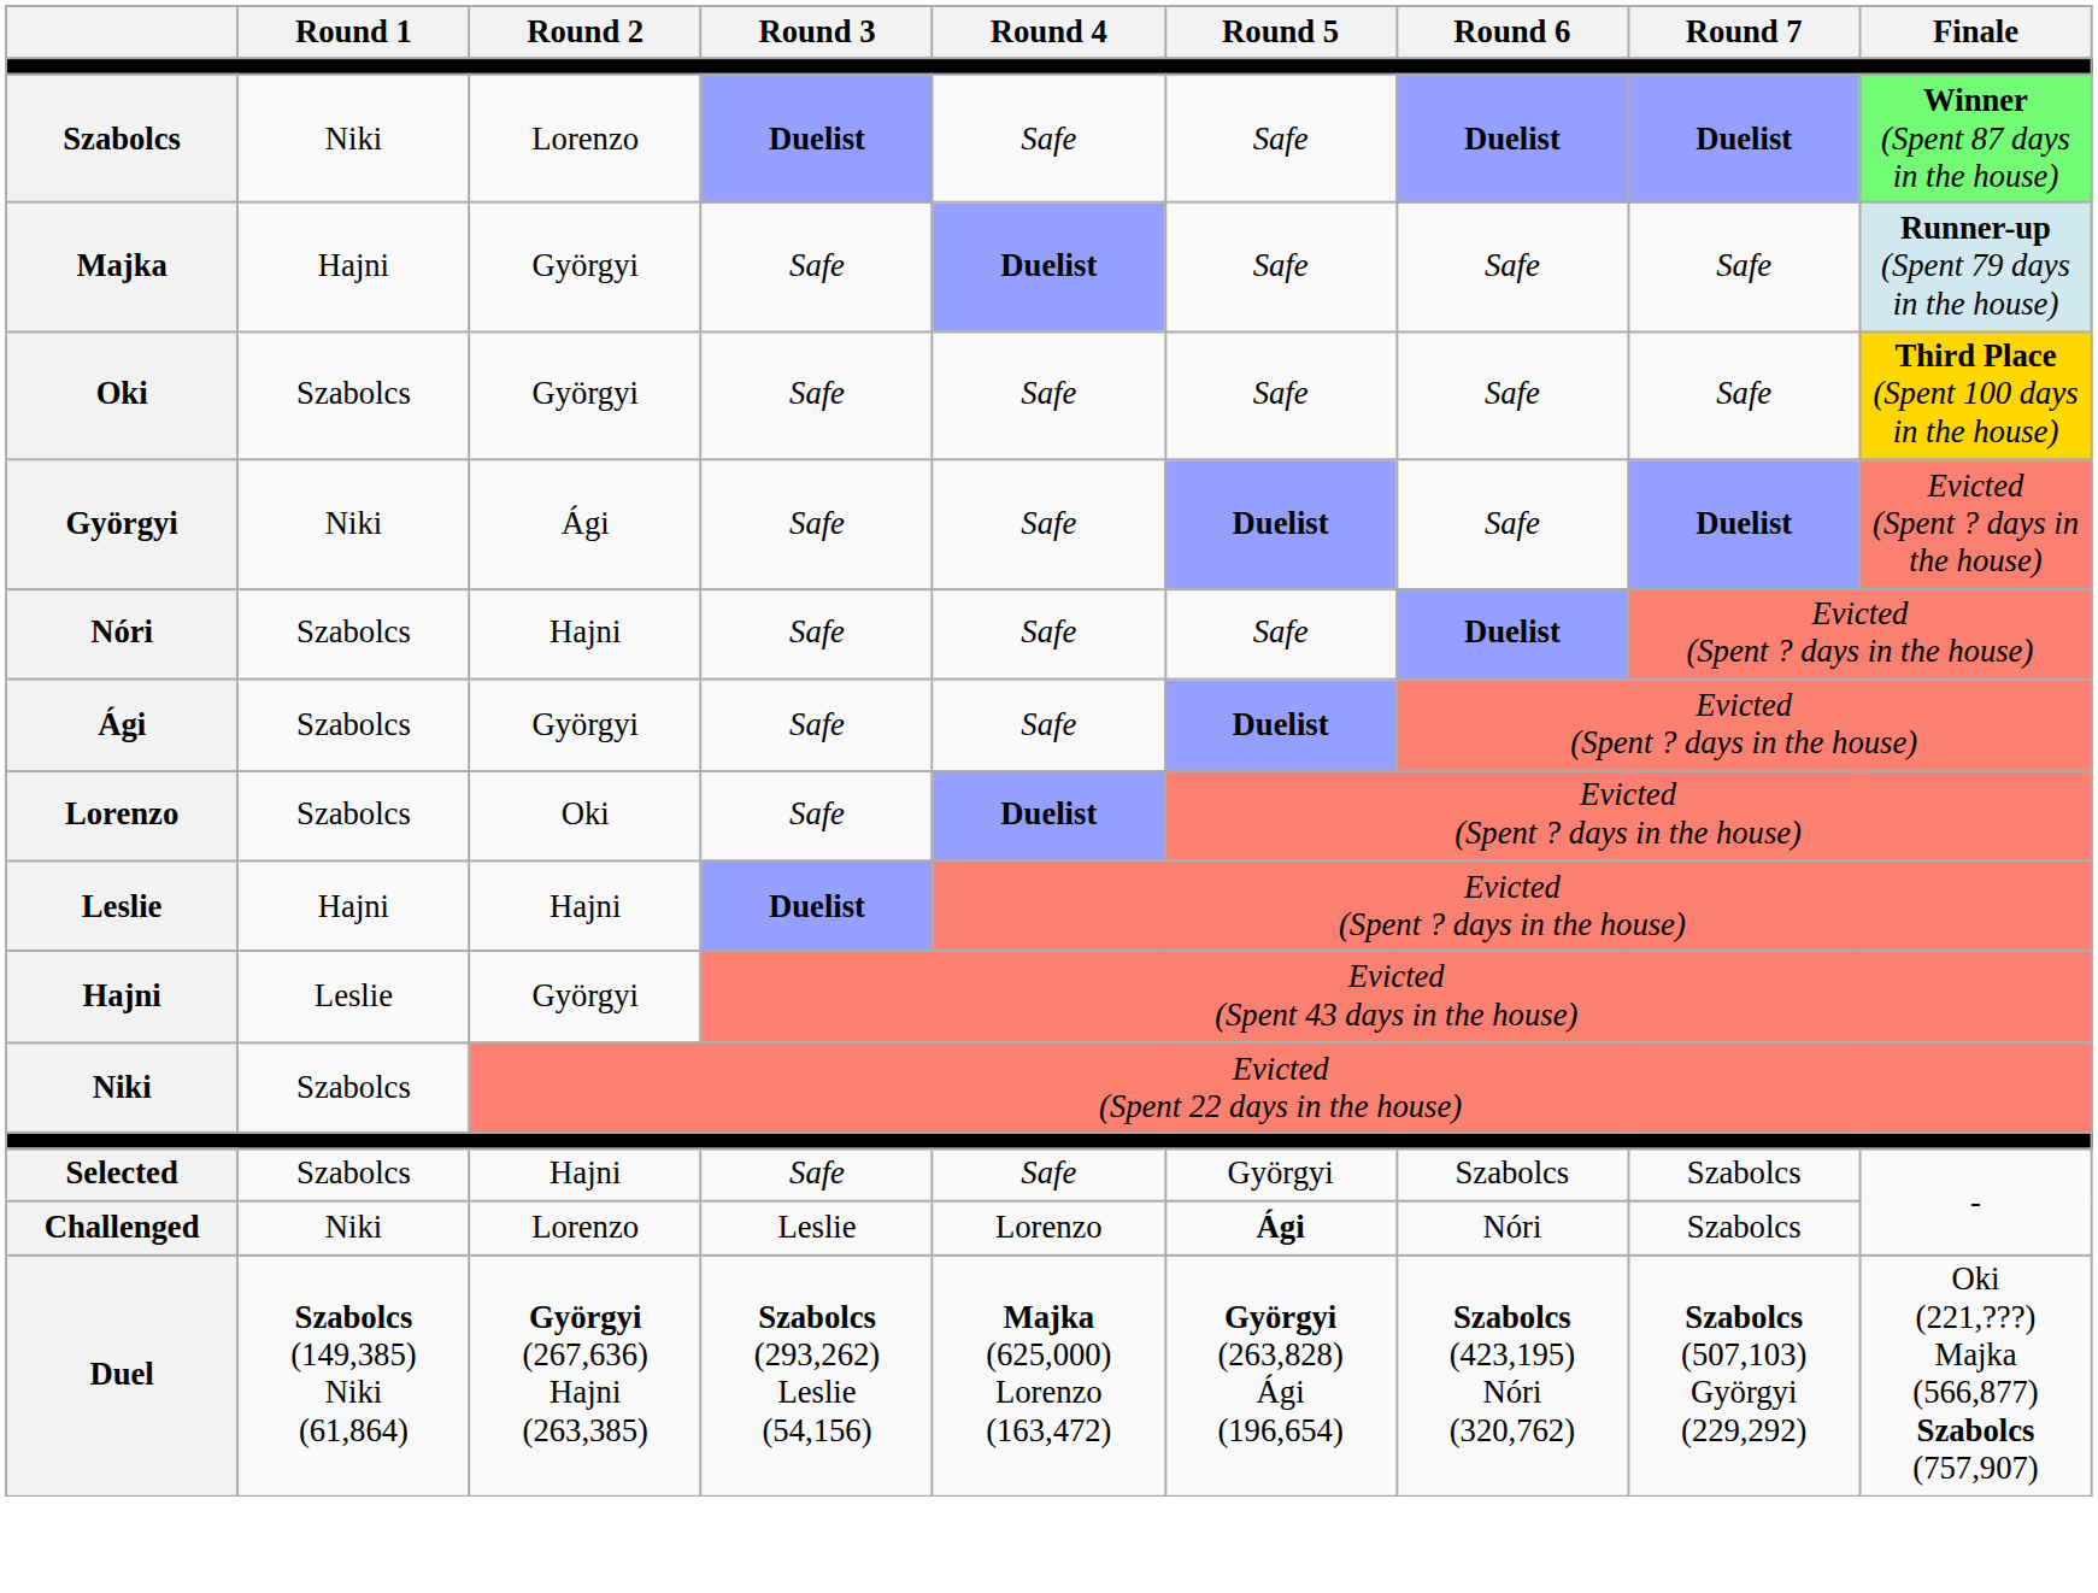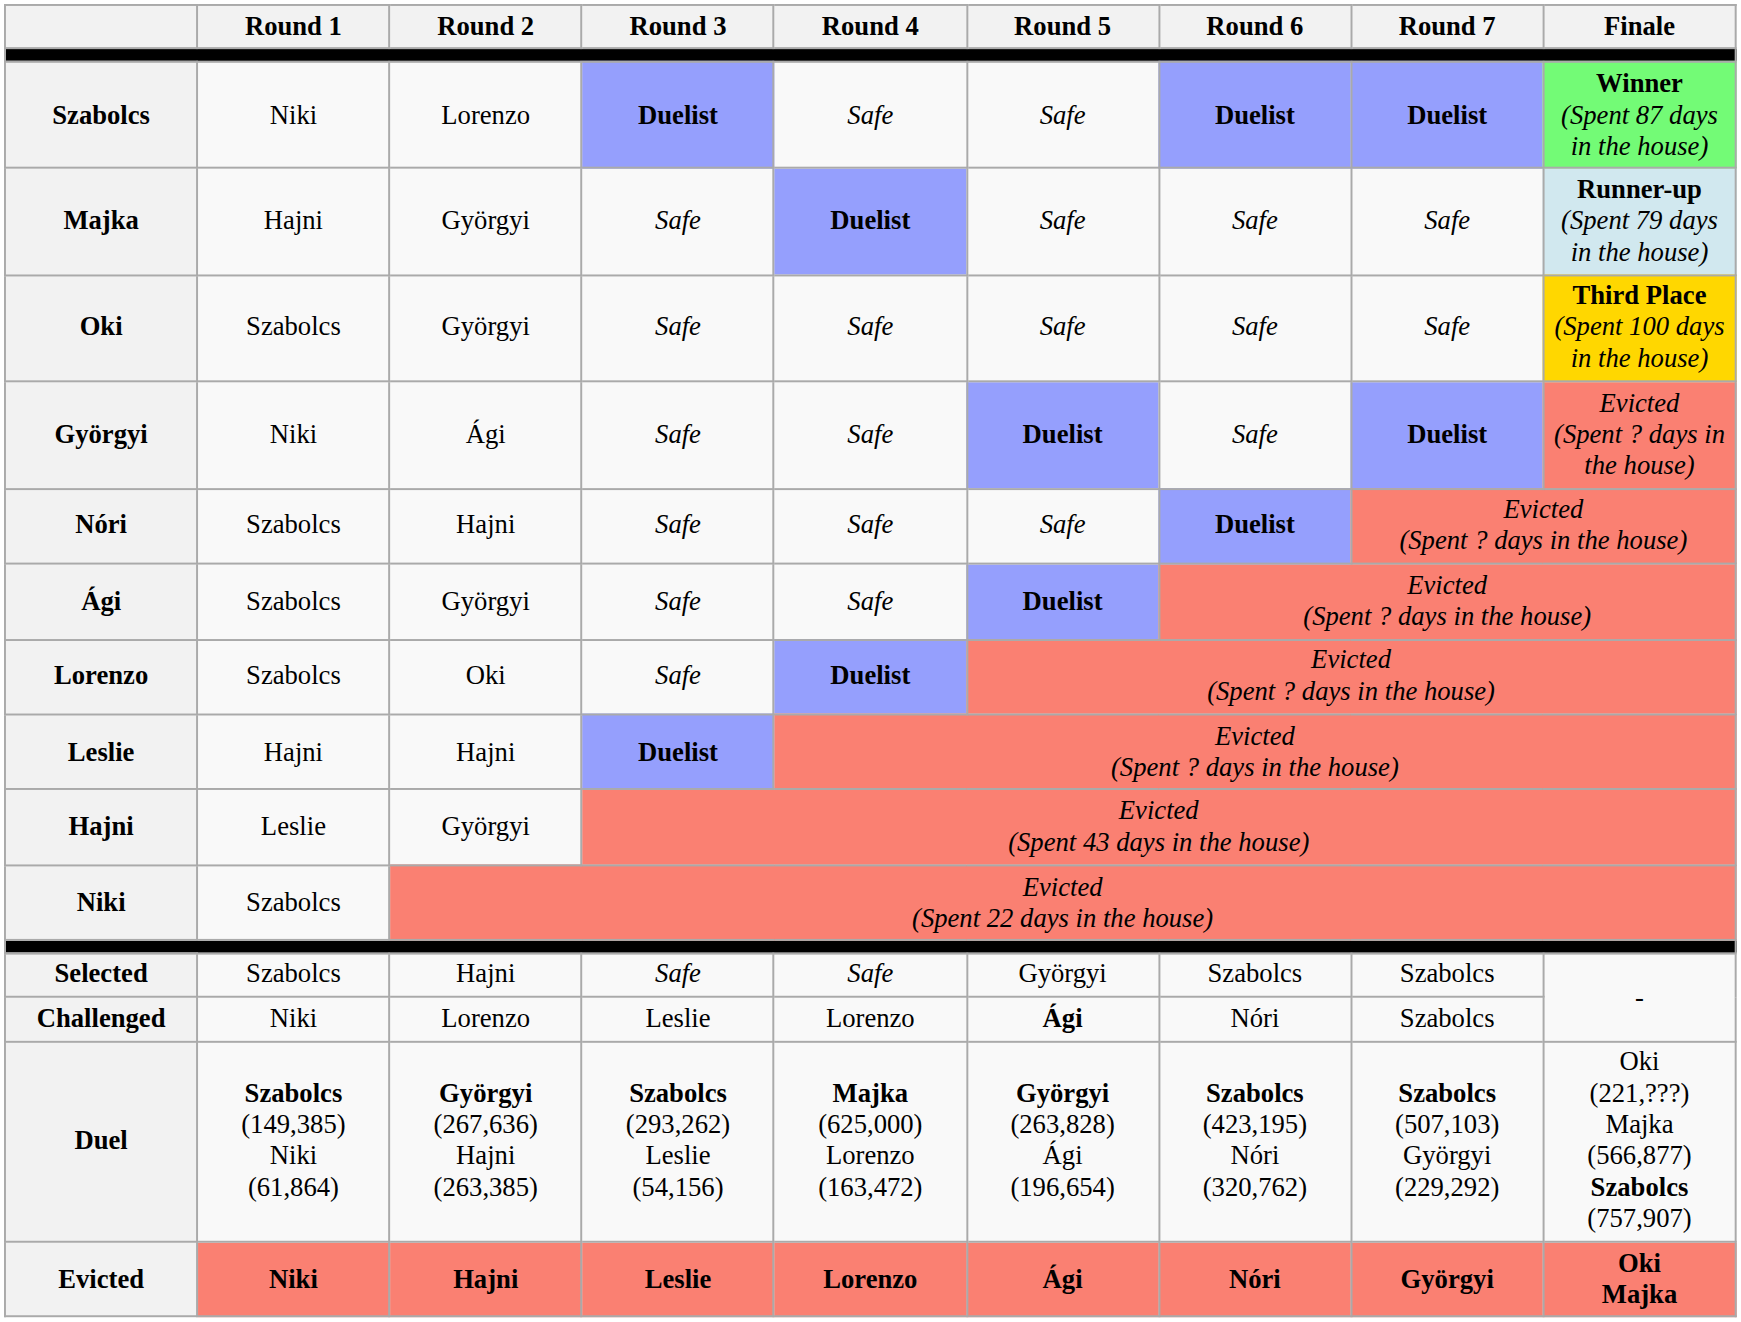 <table class="wikitable" style="font-size:85%; text-align:center; width: 100%;">
 <tr>
 <th style="width: 10%;"></th>
 <th style="width: 10%;">Round 1</th>
 <th style="width: 10%;">Round 2</th>
 <th style="width: 10%;">Round 3</th>
 <th style="width: 10%;">Round 4</th>
 <th style="width: 10%;">Round 5</th>
 <th style="width: 10%;">Round 6</th>
 <th style="width: 10%;">Round 7</th>
 <th style="width: 10%;">Finale</th>
 </tr>
 <tr>
 <th colspan="9" style="background:#000000;"></th>
 </tr>
 <tr>
 <th>Szabolcs</th>
 <td>Niki</td>
 <td>Lorenzo</td>
 <td style="background:#959ffd;"><strong>Duelist</strong></td>
 <td><em>Safe</em></td>
 <td><em>Safe</em></td>
 <td style="background:#959ffd;"><strong>Duelist</strong></td>
 <td style="background:#959ffd;"><strong>Duelist</strong></td>
 <td style="background:#73FB76"><strong>Winner</strong><br><em>(Spent 87 days in the house)</em></td>
 </tr>
 <tr>
 <th>Majka</th>
 <td>Hajni</td>
 <td>Györgyi</td>
 <td><em>Safe</em></td>
 <td style="background:#959ffd;"><strong>Duelist</strong></td>
 <td><em>Safe</em></td>
 <td><em>Safe</em></td>
 <td><em>Safe</em></td>
 <td style="background:#D1E8EF"><strong>Runner-up</strong><br><em>(Spent 79 days in the house)</em></td>
 </tr>
 <tr>
 <th>Oki</th>
 <td>Szabolcs</td>
 <td>Györgyi</td>
 <td><em>Safe</em></td>
 <td><em>Safe</em></td>
 <td><em>Safe</em></td>
 <td><em>Safe</em></td>
 <td><em>Safe</em></td>
 <td style="background:gold"><strong>Third Place</strong><br><em>(Spent 100 days in the house)</em></td>
 </tr>
 <tr>
 <th>Györgyi</th>
 <td>Niki</td>
 <td>Ági</td>
 <td><em>Safe</em></td>
 <td><em>Safe</em></td>
 <td style="background:#959ffd;"><strong>Duelist</strong></td>
 <td><em>Safe</em></td>
 <td style="background:#959ffd;"><strong>Duelist</strong></td>
 <td style="background:salmon; ;"><em>Evicted</em><br><em>(Spent ? days in the house)</em></td>
 </tr>
 <tr>
 <th>Nóri</th>
 <td>Szabolcs</td>
 <td>Hajni</td>
 <td><em>Safe</em></td>
 <td><em>Safe</em></td>
 <td><em>Safe</em></td>
 <td style="background:#959ffd;"><strong>Duelist</strong></td>
 <td colspan="2" style="background:salmon; ;"><em>Evicted</em><br><em>(Spent ? days in the house)</em></td>
 </tr>
 <tr>
 <th>Ági</th>
 <td>Szabolcs</td>
 <td>Györgyi</td>
 <td><em>Safe</em></td>
 <td><em>Safe</em></td>
 <td style="background:#959ffd;"><strong>Duelist</strong></td>
 <td colspan="3" style="background:salmon; ;"><em>Evicted</em><br><em>(Spent ? days in the house)</em></td>
 </tr>
 <tr>
 <th>Lorenzo</th>
 <td>Szabolcs</td>
 <td>Oki</td>
 <td><em>Safe</em></td>
 <td style="background:#959ffd;"><strong>Duelist</strong></td>
 <td colspan="4" style="background:salmon; ;"><em>Evicted</em><br><em>(Spent ? days in the house)</em></td>
 </tr>
 <tr>
 <th>Leslie</th>
 <td>Hajni</td>
 <td>Hajni</td>
 <td style="background:#959ffd;"><strong>Duelist</strong></td>
 <td colspan="5" style="background:salmon; ;"><em>Evicted</em><br><em>(Spent ? days in the house)</em></td>
 </tr>
 <tr>
 <th>Hajni</th>
 <td>Leslie</td>
 <td>Györgyi</td>
 <td colspan="6" style="background:salmon; ;"><em>Evicted</em><br><em>(Spent 43 days in the house)</em></td>
 </tr>
 <tr>
 <th>Niki</th>
 <td>Szabolcs</td>
 <td colspan="7" style="background:salmon; ;"><em>Evicted</em><br><em>(Spent 22 days in the house)</em></td>
 </tr>
 <tr>
 <td colspan="9" style="background:#000000;"></td>
 </tr>
 <tr>
 <th>Selected</th>
 <td>Szabolcs</td>
 <td>Hajni</td>
 <td><em>Safe</em></td>
 <td><em>Safe</em></td>
 <td>Györgyi</td>
 <td>Szabolcs</td>
 <td>Szabolcs</td>
 <td rowspan="2">-</td>
 </tr>
 <tr>
 <th>Challenged</th>
 <td>Niki</td>
 <td>Lorenzo</td>
 <td>Leslie</td>
 <td>Lorenzo</td>
 <td><strong>Ági</strong></td>
 <td>Nóri</td>
 <td>Szabolcs</td>
 </tr>
 <tr>
 <th>Duel</th>
 <td><strong>Szabolcs</strong><br>(149,385)<br>Niki<br>(61,864)</td>
 <td><strong>Györgyi</strong><br>(267,636)<br>Hajni<br>(263,385)</td>
 <td><strong>Szabolcs</strong><br>(293,262)<br>Leslie<br>(54,156)</td>
 <td><strong>Majka</strong><br>(625,000)<br>Lorenzo<br>(163,472)</td>
 <td><strong>Györgyi</strong><br>(263,828)<br>Ági<br>(196,654)</td>
 <td><strong>Szabolcs</strong><br>(423,195)<br>Nóri<br>(320,762)</td>
 <td><strong>Szabolcs</strong><br>(507,103)<br>Györgyi<br>(229,292)</td>
 <td>Oki<br>(221,???)<br>Majka<br>(566,877)<br><strong>Szabolcs</strong><br>(757,907)</td>
 </tr>
+<tr>
+<th>Evicted</th>
+<td style="background:salmon;"><strong>Niki</strong></td>
+<td style="background:salmon;"><strong>Hajni</strong></td>
+<td style="background:salmon;"><strong>Leslie</strong></td>
+<td style="background:salmon;"><strong>Lorenzo</strong></td>
+<td style="background:salmon;"><strong>Ági</strong></td>
+<td style="background:salmon;"><strong>Nóri</strong></td>
+<td style="background:salmon;"><strong>Györgyi</strong></td>
+<td style="background:salmon;"><strong>Oki<br>Majka</strong></td>
+</tr>
 </table>
